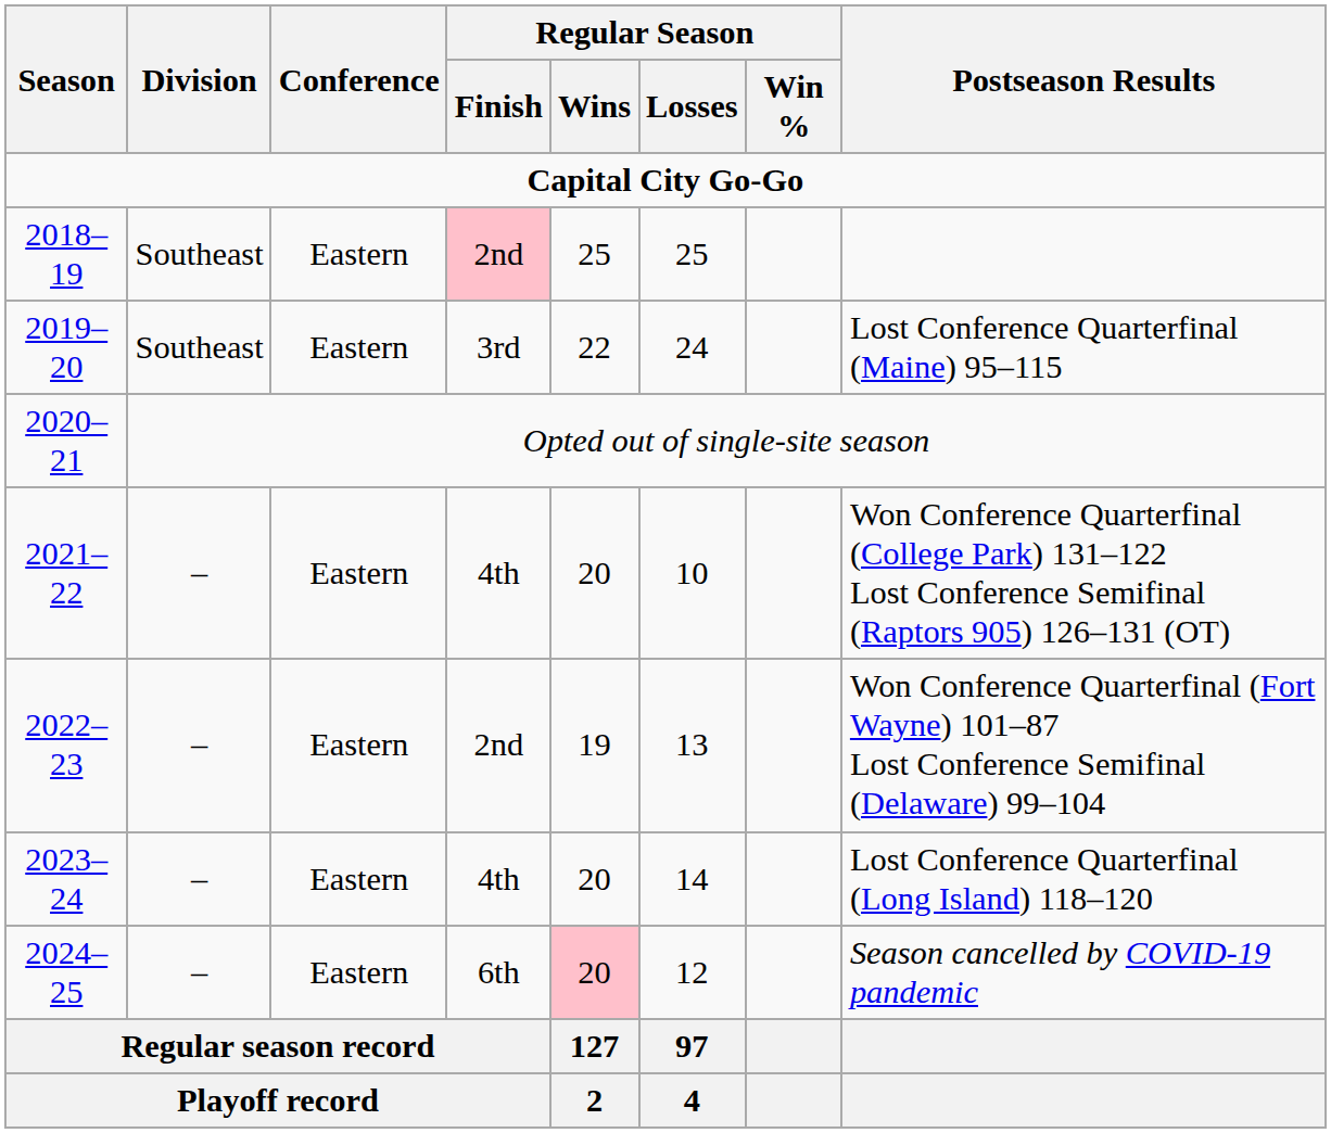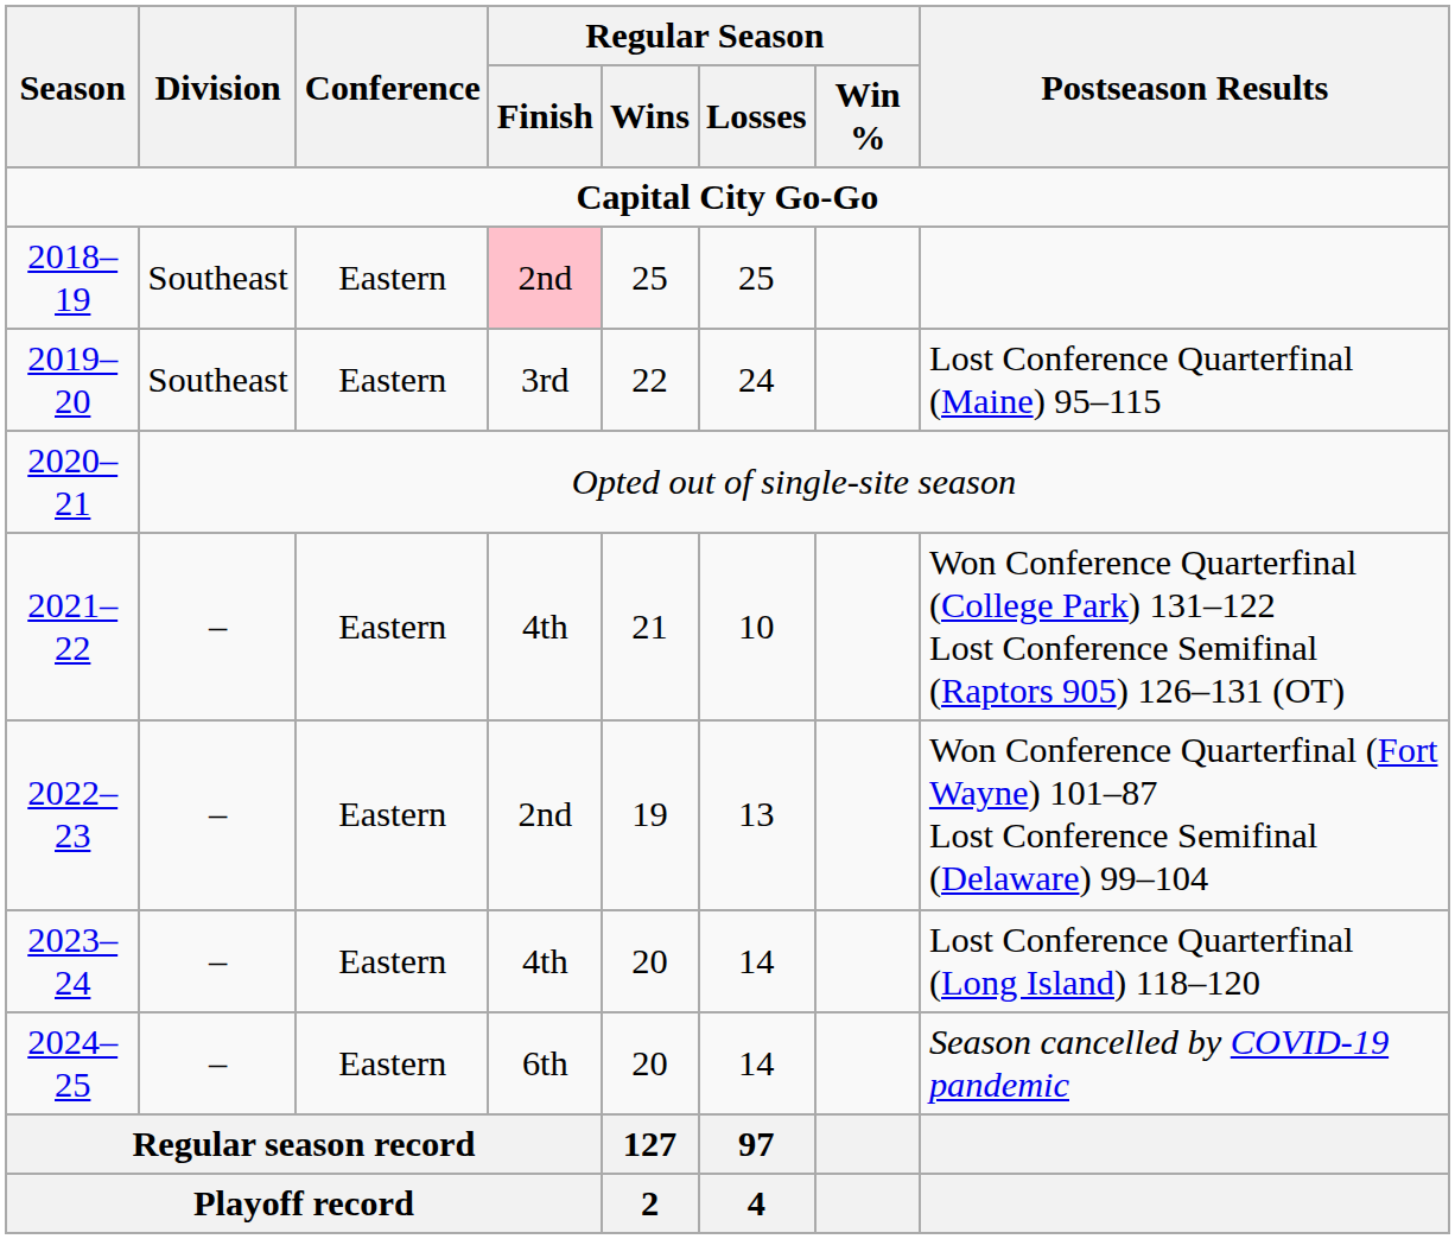 <table class="wikitable" style="font-size:95%; text-align:center">
 <tr>
 <th rowspan=2>Season</th>
 <th rowspan=2>Division</th>
 <th rowspan=2>Conference</th>
 <th colspan=4>Regular Season</th>
 <th rowspan=2>Postseason Results</th>
 </tr>
 <tr>
 <th>Finish</th>
 <th>Wins</th>
 <th>Losses</th>
 <th>Win %</th>
 </tr>
 <tr>
 <td colspan=8 style="text-align:center; "><strong>Capital City Go-Go</strong></td>
 </tr>
 <tr>
 <td><a href='#'>2018–19</a></td>
 <td>Southeast</td>
 <td>Eastern</td>
 <td style="background: pink;">2nd</td>
 <td>25</td>
 <td>25</td>
 <td></td>
 <td align=left></td>
 </tr>
 <tr>
 <td><a href='#'>2019–20</a></td>
 <td>Southeast</td>
 <td>Eastern</td>
 <td>3rd</td>
 <td>22</td>
 <td>24</td>
 <td></td>
 <td align=left>Lost Conference Quarterfinal (<a href='#'>Maine</a>) 95–115</td>
 </tr>
 <tr>
 <td><a href='#'>2020–21</a></td>
 <td colspan="7"><em>Opted out of single-site season</em></td>
 </tr>
 <tr>
 <td><a href='#'>2021–22</a></td>
 <td>–</td>
 <td>Eastern</td>
 <td>4th</td>
-<td>20</td>
+<td>21</td>
 <td>10</td>
 <td></td>
 <td align=left>Won Conference Quarterfinal (<a href='#'>College Park</a>) 131–122<br>Lost Conference Semifinal (<a href='#'>Raptors 905</a>) 126–131 (OT)</td>
 </tr>
 <tr>
 <td><a href='#'>2022–23</a></td>
 <td>–</td>
 <td>Eastern</td>
 <td>2nd</td>
 <td>19</td>
 <td>13</td>
 <td></td>
 <td align=left>Won Conference Quarterfinal (<a href='#'>Fort Wayne</a>) 101–87<br>Lost Conference Semifinal (<a href='#'>Delaware</a>) 99–104</td>
 </tr>
 <tr>
 <td><a href='#'>2023–24</a></td>
 <td>–</td>
 <td>Eastern</td>
 <td>4th</td>
 <td>20</td>
 <td>14</td>
 <td></td>
 <td align=left>Lost Conference Quarterfinal (<a href='#'>Long Island</a>) 118–120</td>
 </tr>
 <tr>
 <td><a href='#'>2024–25</a></td>
 <td>–</td>
 <td>Eastern</td>
 <td>6th</td>
-<td style="background: pink;">20</td>
-<td>12</td>
+<td>20</td>
+<td>14</td>
 <td></td>
 <td align=left><em>Season cancelled by <a href='#'>COVID-19 pandemic</a></em></td>
 </tr>
 <tr>
 <th colspan=4>Regular season record</th>
 <th>127</th>
 <th>97</th>
 <th></th>
 <th colspan=2></th>
 </tr>
 <tr>
 <th colspan=4>Playoff record</th>
 <th>2</th>
 <th>4</th>
 <th></th>
 <th colspan=2></th>
 </tr>
 </table>
